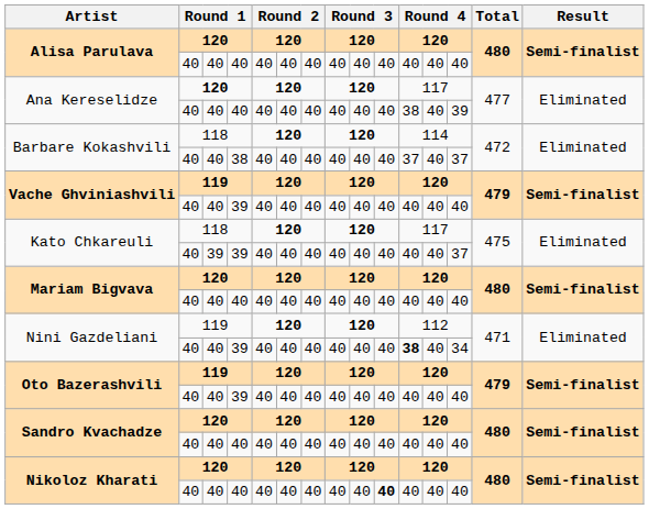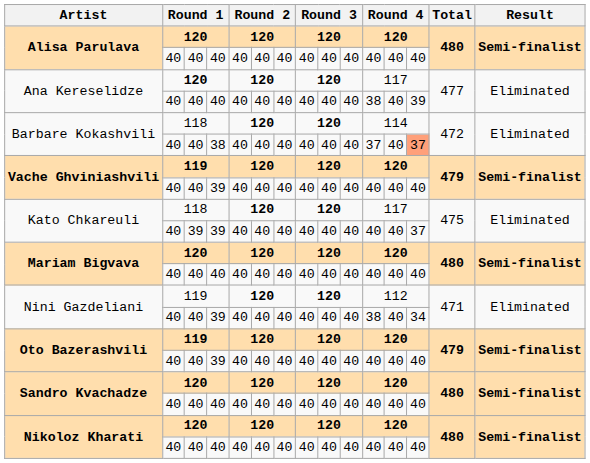 <table class="sortable wikitable" style="text-align:center;margin:1em auto 1em auto">
 <tr>
 <th>Artist</th>
 <th colspan="3" class="unsortable">Round 1</th>
 <th colspan="3" class="unsortable">Round 2</th>
 <th colspan="3" class="unsortable">Round 3</th>
 <th colspan="3" class="unsortable">Round 4</th>
 <th>Total</th>
 <th>Result</th>
 </tr>
 <tr style="background:navajowhite;">
 <td rowspan="2"><strong>Alisa Parulava</strong></td>
 <td colspan="3"><strong>120</strong></td>
 <td colspan="3"><strong>120</strong></td>
 <td colspan="3"><strong>120</strong></td>
 <td colspan="3"><strong>120</strong></td>
 <td rowspan="2"><strong>480</strong></td>
 <td rowspan="2"><strong>Semi-finalist</strong></td>
 </tr>
 <tr>
 <td>40</td>
 <td>40</td>
 <td>40</td>
 <td>40</td>
 <td>40</td>
 <td>40</td>
 <td>40</td>
 <td>40</td>
 <td>40</td>
 <td>40</td>
 <td>40</td>
 <td>40</td>
 </tr>
 <tr>
 <td rowspan="2">Ana Kereselidze</td>
 <td colspan="3"><strong>120</strong></td>
 <td colspan="3"><strong>120</strong></td>
 <td colspan="3"><strong>120</strong></td>
 <td colspan="3">117</td>
 <td rowspan="2">477</td>
 <td rowspan="2">Eliminated</td>
 </tr>
 <tr>
 <td>40</td>
 <td>40</td>
 <td>40</td>
 <td>40</td>
 <td>40</td>
 <td>40</td>
 <td>40</td>
 <td>40</td>
 <td>40</td>
 <td>38</td>
 <td>40</td>
 <td>39</td>
 </tr>
 <tr>
 <td rowspan="2">Barbare Kokashvili</td>
 <td colspan="3">118</td>
 <td colspan="3"><strong>120</strong></td>
 <td colspan="3"><strong>120</strong></td>
 <td colspan="3">114</td>
 <td rowspan="2">472</td>
 <td rowspan="2">Eliminated</td>
 </tr>
 <tr>
 <td>40</td>
 <td>40</td>
 <td>38</td>
 <td>40</td>
 <td>40</td>
 <td>40</td>
 <td>40</td>
 <td>40</td>
 <td>40</td>
 <td>37</td>
 <td>40</td>
-<td>37</td>
+<td style="background: lightsalmon;">37</td>
 </tr>
 <tr style="background:navajowhite;">
 <td rowspan="2"><strong>Vache Ghviniashvili</strong></td>
 <td colspan="3"><strong>119</strong></td>
 <td colspan="3"><strong>120</strong></td>
 <td colspan="3"><strong>120</strong></td>
 <td colspan="3"><strong>120</strong></td>
 <td rowspan="2"><strong>479</strong></td>
 <td rowspan="2"><strong>Semi-finalist</strong></td>
 </tr>
 <tr>
 <td>40</td>
 <td>40</td>
 <td>39</td>
 <td>40</td>
 <td>40</td>
 <td>40</td>
 <td>40</td>
 <td>40</td>
 <td>40</td>
 <td>40</td>
 <td>40</td>
 <td>40</td>
 </tr>
 <tr>
 <td rowspan="2">Kato Chkareuli</td>
 <td colspan="3">118</td>
 <td colspan="3"><strong>120</strong></td>
 <td colspan="3"><strong>120</strong></td>
 <td colspan="3">117</td>
 <td rowspan="2">475</td>
 <td rowspan="2">Eliminated</td>
 </tr>
 <tr>
 <td>40</td>
 <td>39</td>
 <td>39</td>
 <td>40</td>
 <td>40</td>
 <td>40</td>
 <td>40</td>
 <td>40</td>
 <td>40</td>
 <td>40</td>
 <td>40</td>
 <td>37</td>
 </tr>
 <tr style="background:navajowhite;">
 <td rowspan="2"><strong>Mariam Bigvava</strong></td>
 <td colspan="3"><strong>120</strong></td>
 <td colspan="3"><strong>120</strong></td>
 <td colspan="3"><strong>120</strong></td>
 <td colspan="3"><strong>120</strong></td>
 <td rowspan="2"><strong>480</strong></td>
 <td rowspan="2"><strong>Semi-finalist</strong></td>
 </tr>
 <tr>
 <td>40</td>
 <td>40</td>
 <td>40</td>
 <td>40</td>
 <td>40</td>
 <td>40</td>
 <td>40</td>
 <td>40</td>
 <td>40</td>
 <td>40</td>
 <td>40</td>
 <td>40</td>
 </tr>
 <tr>
 <td rowspan="2">Nini Gazdeliani</td>
 <td colspan="3">119</td>
 <td colspan="3"><strong>120</strong></td>
 <td colspan="3"><strong>120</strong></td>
 <td colspan="3">112</td>
 <td rowspan="2">471</td>
 <td rowspan="2">Eliminated</td>
 </tr>
 <tr>
 <td>40</td>
 <td>40</td>
 <td>39</td>
 <td>40</td>
 <td>40</td>
 <td>40</td>
 <td>40</td>
 <td>40</td>
 <td>40</td>
-<td><strong>38</strong></td>
+<td>38</td>
 <td>40</td>
 <td>34</td>
 </tr>
 <tr style="background:navajowhite;">
 <td rowspan="2"><strong>Oto Bazerashvili</strong></td>
 <td colspan="3"><strong>119</strong></td>
 <td colspan="3"><strong>120</strong></td>
 <td colspan="3"><strong>120</strong></td>
 <td colspan="3"><strong>120</strong></td>
 <td rowspan="2"><strong>479</strong></td>
 <td rowspan="2"><strong>Semi-finalist</strong></td>
 </tr>
 <tr>
 <td>40</td>
 <td>40</td>
 <td>39</td>
 <td>40</td>
 <td>40</td>
 <td>40</td>
 <td>40</td>
 <td>40</td>
 <td>40</td>
 <td>40</td>
 <td>40</td>
 <td>40</td>
 </tr>
 <tr style="background:navajowhite;">
 <td rowspan="2"><strong>Sandro Kvachadze</strong></td>
 <td colspan="3"><strong>120</strong></td>
 <td colspan="3"><strong>120</strong></td>
 <td colspan="3"><strong>120</strong></td>
 <td colspan="3"><strong>120</strong></td>
 <td rowspan="2"><strong>480</strong></td>
 <td rowspan="2"><strong>Semi-finalist</strong></td>
 </tr>
 <tr>
 <td>40</td>
 <td>40</td>
 <td>40</td>
 <td>40</td>
 <td>40</td>
 <td>40</td>
 <td>40</td>
 <td>40</td>
 <td>40</td>
 <td>40</td>
 <td>40</td>
 <td>40</td>
 </tr>
 <tr style="background:navajowhite;">
 <td rowspan="2"><strong>Nikoloz Kharati</strong></td>
 <td colspan="3"><strong>120</strong></td>
 <td colspan="3"><strong>120</strong></td>
 <td colspan="3"><strong>120</strong></td>
 <td colspan="3"><strong>120</strong></td>
 <td rowspan="2"><strong>480</strong></td>
 <td rowspan="2"><strong>Semi-finalist</strong></td>
 </tr>
 <tr>
 <td>40</td>
 <td>40</td>
 <td>40</td>
 <td>40</td>
 <td>40</td>
 <td>40</td>
 <td>40</td>
 <td>40</td>
-<td><strong>40</strong></td>
+<td>40</td>
 <td>40</td>
 <td>40</td>
 <td>40</td>
 </tr>
 </table>
